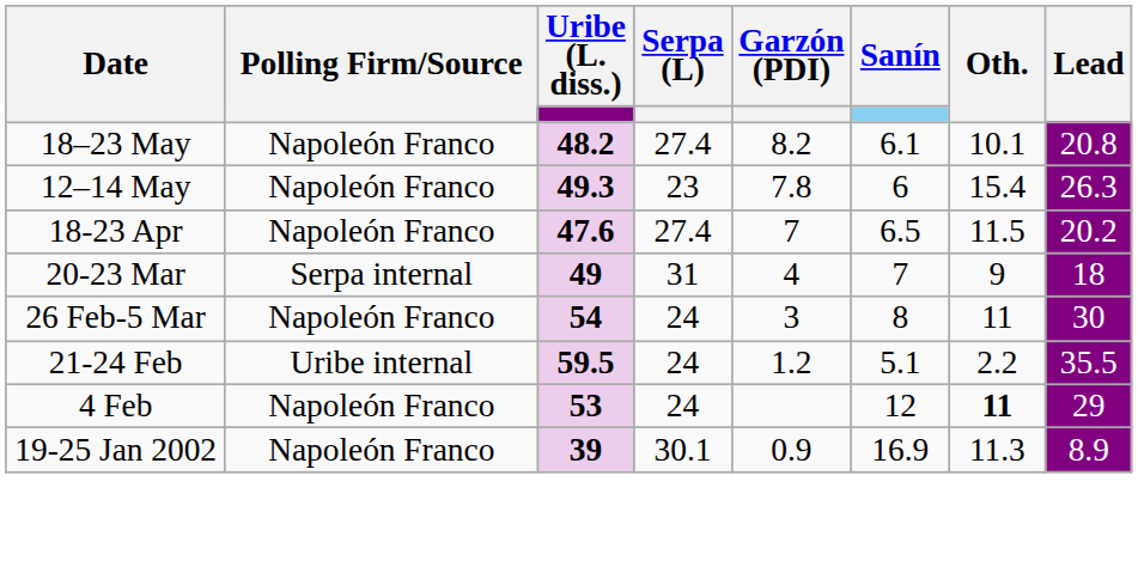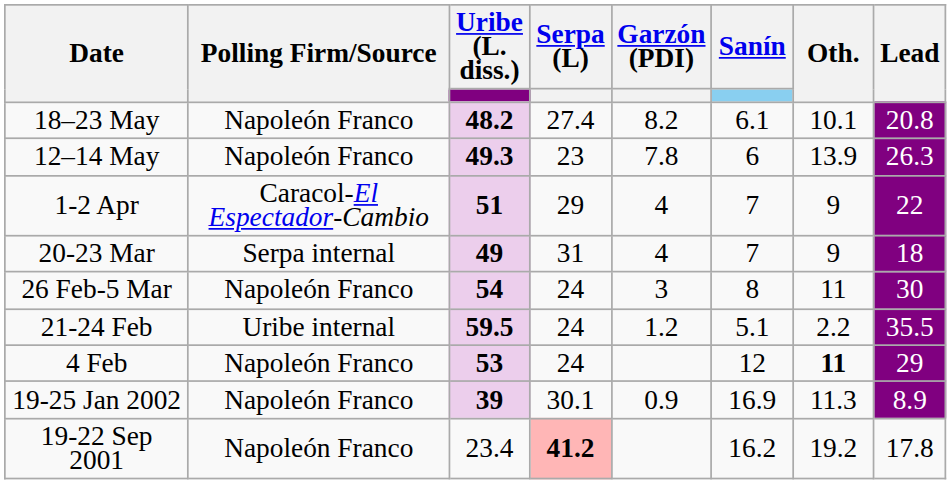 <table class="wikitable collapsible" style="text-align:center; font-size:100%; line-height:14px;">
 <tr style="height:42px;">
 <th style="width:100px;" rowspan="2">Date</th>
 <th style="width:145px;" rowspan="2">Polling Firm/Source</th>
 <th style="width:40px;"><a href='#'>Uribe</a> (L. diss.)</th>
 <th style="width:40px;"><a href='#'>Serpa</a> (L)</th>
 <th style="width:40px;"><a href='#'>Garzón</a> (PDI)</th>
 <th style="width:40px;"><a href='#'>Sanín</a></th>
 <th style="width:40px;" rowspan="2">Oth.</th>
 <th style="width:20px;" rowspan="2">Lead</th>
 </tr>
 <tr>
 <th style="color:inherit;background:#800080;"></th>
 <th style="color:inherit;background:"></th>
 <th style="color:inherit;background:"></th>
 <th style="color:inherit;background:#89CFF0;"></th>
 </tr>
 <tr>
 <td>18–23 May</td>
 <td>Napoleón Franco</td>
 <td style="background:#ECCEEC"><strong>48.2</strong></td>
 <td>27.4</td>
 <td>8.2</td>
 <td>6.1</td>
 <td>10.1</td>
 <td style="background:#800080; color:white;">20.8</td>
 </tr>
 <tr>
 <td>12–14 May</td>
 <td>Napoleón Franco</td>
 <td style="background:#ECCEEC"><strong>49.3</strong></td>
 <td>23</td>
 <td>7.8</td>
 <td>6</td>
-<td>15.4</td>
+<td>13.9</td>
 <td style="background:#800080; color:white;">26.3</td>
 </tr>
 <tr>
-<td>18-23 Apr</td>
-<td>Napoleón Franco</td>
-<td style="background:#ECCEEC"><strong>47.6</strong></td>
-<td>27.4</td>
+<td>1-2 Apr</td>
+<td>Caracol-<em><a href='#'>El Espectador</a></em>-<em>Cambio</em></td>
+<td style="background:#ECCEEC"><strong>51</strong></td>
+<td>29</td>
+<td>4</td>
 <td>7</td>
-<td>6.5</td>
-<td>11.5</td>
-<td style="background:#800080; color:white;">20.2</td>
+<td>9</td>
+<td style="background:#800080; color:white;">22</td>
 </tr>
 <tr>
 <td>20-23 Mar</td>
 <td>Serpa internal</td>
 <td style="background:#ECCEEC"><strong>49</strong></td>
 <td>31</td>
 <td>4</td>
 <td>7</td>
 <td>9</td>
 <td style="background:#800080; color:white;">18</td>
 </tr>
 <tr>
 <td>26 Feb-5 Mar</td>
 <td>Napoleón Franco</td>
 <td style="background:#ECCEEC"><strong>54</strong></td>
 <td>24</td>
 <td>3</td>
 <td>8</td>
 <td>11</td>
 <td style="background:#800080; color:white;">30</td>
 </tr>
 <tr>
 <td>21-24 Feb</td>
 <td>Uribe internal</td>
 <td style="background:#ECCEEC"><strong>59.5</strong></td>
 <td>24</td>
 <td>1.2</td>
 <td>5.1</td>
 <td>2.2</td>
 <td style="background:#800080; color:white;">35.5</td>
 </tr>
 <tr>
 <td>4 Feb</td>
 <td>Napoleón Franco</td>
 <td style="background:#ECCEEC"><strong>53</strong></td>
 <td>24</td>
 <td></td>
 <td>12</td>
 <td><strong>11</strong></td>
 <td style="background:#800080; color:white;">29</td>
 </tr>
 <tr>
 <td>19-25 Jan 2002</td>
 <td>Napoleón Franco</td>
 <td style="background:#ECCEEC"><strong>39</strong></td>
 <td>30.1</td>
 <td>0.9</td>
 <td>16.9</td>
 <td>11.3</td>
 <td style="background:#800080; color:white;">8.9</td>
 </tr>
+<tr>
+<td>19-22 Sep 2001</td>
+<td>Napoleón Franco</td>
+<td>23.4</td>
+<td style="background:#FFB6B6"><strong>41.2</strong></td>
+<td></td>
+<td>16.2</td>
+<td>19.2</td>
+<td style="background:">17.8</td>
+</tr>
 </table>
